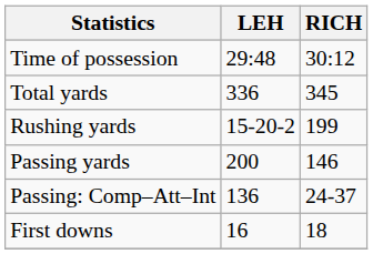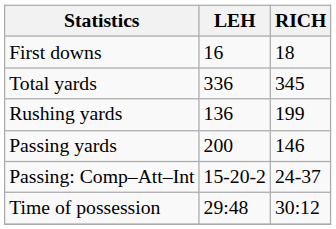 <table class="wikitable" style="float: left;">
 <tr>
 <th>Statistics</th>
 <th>LEH</th>
 <th>RICH</th>
 </tr>
 <tr>
-<td>Time of possession</td>
-<td>29:48</td>
-<td>30:12</td>
+<td>First downs</td>
+<td>16</td>
+<td>18</td>
 </tr>
 <tr>
 <td>Total yards</td>
 <td>336</td>
 <td>345</td>
 </tr>
 <tr>
 <td>Rushing yards</td>
-<td>15-20-2</td>
+<td>136</td>
 <td>199</td>
 </tr>
 <tr>
 <td>Passing yards</td>
 <td>200</td>
 <td>146</td>
 </tr>
 <tr>
 <td>Passing: Comp–Att–Int</td>
-<td>136</td>
+<td>15-20-2</td>
 <td>24-37</td>
 </tr>
 <tr>
-<td>First downs</td>
-<td>16</td>
-<td>18</td>
+<td>Time of possession</td>
+<td>29:48</td>
+<td>30:12</td>
 </tr>
 <tr>
 </tr>
 </table>
